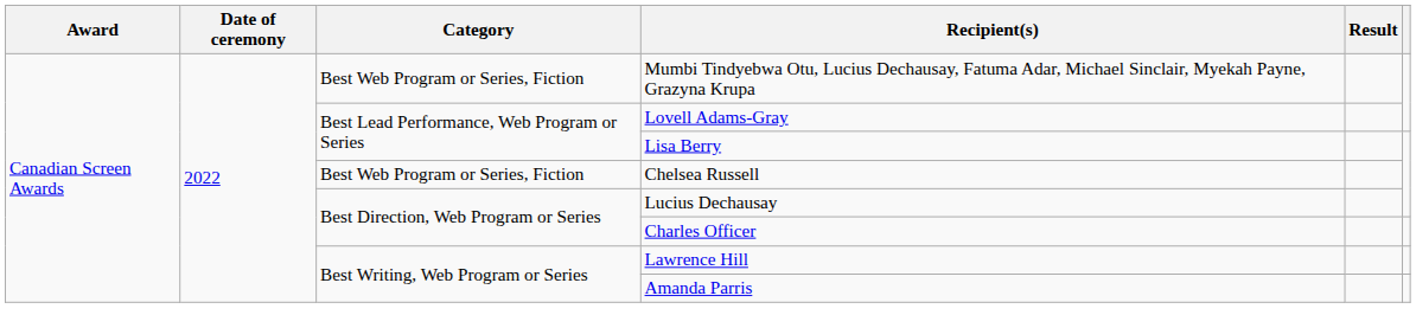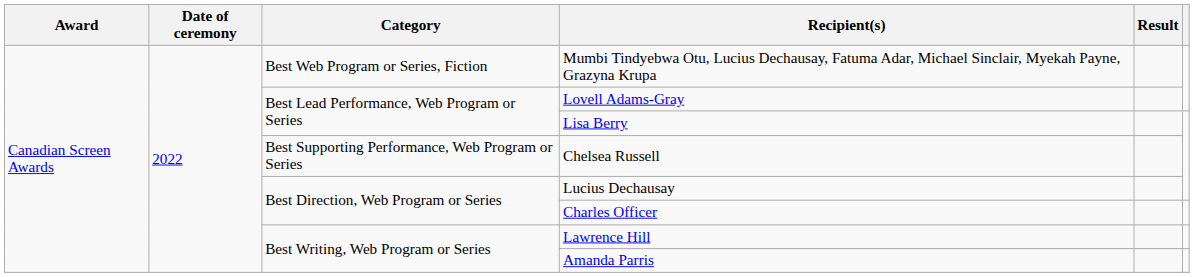 <table class="wikitable plainrowheaders sortable">
 <tr>
 <th scope="col">Award</th>
 <th scope="col">Date of ceremony</th>
 <th scope="col">Category</th>
 <th scope="col">Recipient(s)</th>
 <th scope="col">Result</th>
 <th scope="col" class="unsortable"></th>
 </tr>
 <tr>
 <td rowspan=8><a href='#'>Canadian Screen Awards</a></td>
 <td rowspan=8><a href='#'>2022</a></td>
 <td>Best Web Program or Series, Fiction</td>
 <td>Mumbi Tindyebwa Otu, Lucius Dechausay, Fatuma Adar, Michael Sinclair, Myekah Payne, Grazyna Krupa</td>
 <td></td>
 <td rowspan=2></td>
 </tr>
 <tr>
 <td rowspan=2>Best Lead Performance, Web Program or Series</td>
 <td><a href='#'>Lovell Adams-Gray</a></td>
 <td></td>
 </tr>
 <tr>
 <td><a href='#'>Lisa Berry</a></td>
 <td></td>
 <td rowspan=3></td>
 </tr>
 <tr>
-<td>Best Web Program or Series, Fiction</td>
+<td>Best Supporting Performance, Web Program or Series</td>
 <td>Chelsea Russell</td>
 <td></td>
 </tr>
 <tr>
 <td rowspan=2>Best Direction, Web Program or Series</td>
 <td>Lucius Dechausay</td>
 <td></td>
 </tr>
 <tr>
 <td><a href='#'>Charles Officer</a></td>
 <td></td>
 <td></td>
 </tr>
 <tr>
 <td rowspan=2>Best Writing, Web Program or Series</td>
 <td><a href='#'>Lawrence Hill</a></td>
 <td></td>
 <td></td>
 </tr>
 <tr>
 <td><a href='#'>Amanda Parris</a></td>
 <td></td>
 <td></td>
 </tr>
 </table>
